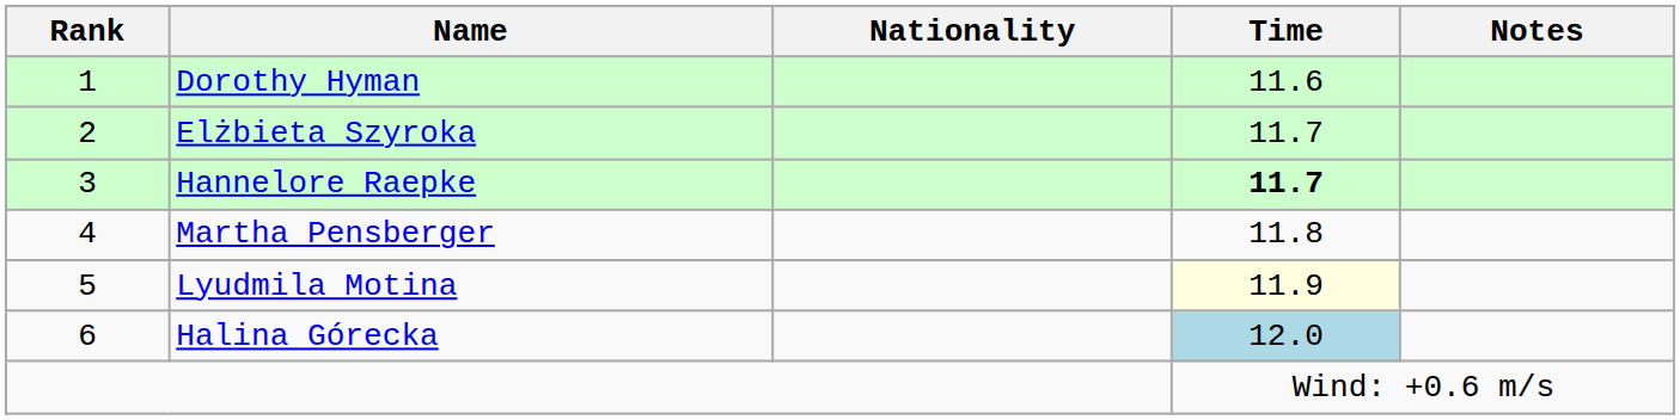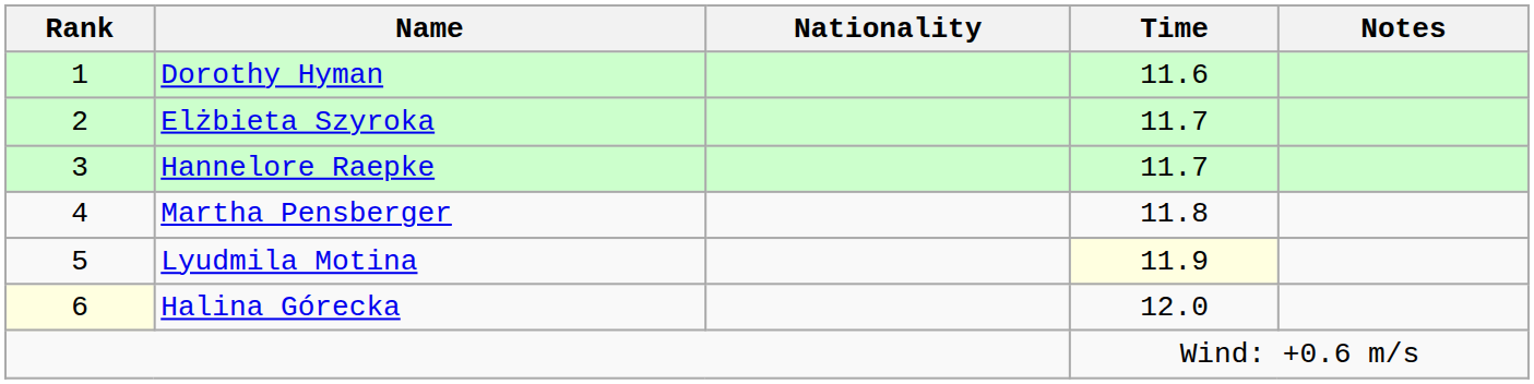 <table class="wikitable sortable" style="text-align:center;width: 55%">
 <tr>
 <th>Rank</th>
 <th>Name</th>
 <th>Nationality</th>
 <th>Time</th>
 <th>Notes</th>
 </tr>
 <tr bgcolor=ccffcc>
 <td>1</td>
 <td align=left><a href='#'>Dorothy Hyman</a></td>
 <td align=left></td>
 <td>11.6</td>
 <td></td>
 </tr>
 <tr bgcolor=ccffcc>
 <td>2</td>
 <td align=left><a href='#'>Elżbieta Szyroka</a></td>
 <td align=left></td>
 <td>11.7</td>
 <td></td>
 </tr>
 <tr bgcolor=ccffcc>
 <td>3</td>
 <td align=left><a href='#'>Hannelore Raepke</a></td>
 <td align=left></td>
-<td><strong>11.7</strong></td>
+<td>11.7</td>
 <td></td>
 </tr>
 <tr>
 <td>4</td>
 <td align=left><a href='#'>Martha Pensberger</a></td>
 <td align=left></td>
 <td>11.8</td>
 <td></td>
 </tr>
 <tr>
 <td>5</td>
 <td align=left><a href='#'>Lyudmila Motina</a></td>
 <td align=left></td>
 <td style="background: lightyellow;">11.9</td>
 <td></td>
 </tr>
 <tr>
-<td>6</td>
+<td style="background: lightyellow;">6</td>
 <td align=left><a href='#'>Halina Górecka</a></td>
 <td align=left></td>
-<td style="background: lightblue;">12.0</td>
+<td>12.0</td>
 <td></td>
 </tr>
 <tr>
 <td colspan="3"></td>
 <td colspan="2">Wind: +0.6 m/s</td>
 </tr>
 </table>
